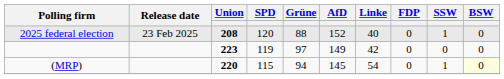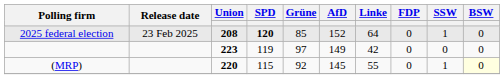 <table class="wikitable sortable mw-datatable" style="text-align:center;font-size:90%;line-height:14px;">
 <tr>
 <th style="width:155px;" rowspan="2">Polling firm</th>
 <th style="width:100px;" rowspan="2">Release date</th>
 <th class="unsortable" style="width:40px;"><a href='#'>Union</a></th>
 <th class="unsortable" style="width:40px;"><a href='#'>SPD</a></th>
 <th class="unsortable" style="width:40px;"><a href='#'>Grüne</a></th>
 <th class="unsortable" style="width:40px;"><a href='#'>AfD</a></th>
 <th class="unsortable" style="width:40px;"><a href='#'>Linke</a></th>
 <th class="unsortable" style="width:40px;"><a href='#'>FDP</a></th>
 <th class="unsortable" style="width:40px;"><a href='#'>SSW</a></th>
 <th class="unsortable" style="width:40px;"><a href='#'>BSW</a></th>
 </tr>
 <tr>
 <th style="background:"></th>
 <th style="background:"></th>
 <th style="background:"></th>
 <th style="background:"></th>
 <th style="background:"></th>
 <th style="background:"></th>
 <th style="background:"></th>
 <th style="background:"></th>
 </tr>
 <tr style="background:#E9E9E9;">
 <td><a href='#'>2025 federal election</a></td>
 <td>23 Feb 2025</td>
 <td><strong>208</strong></td>
-<td>120</td>
-<td>88</td>
+<td><strong>120</strong></td>
+<td>85</td>
 <td>152</td>
-<td>40</td>
+<td>64</td>
 <td>0</td>
 <td>1</td>
 <td>0</td>
 </tr>
 <tr>
 <td></td>
 <td></td>
 <td><strong>223</strong></td>
 <td>119</td>
 <td>97</td>
 <td>149</td>
 <td>42</td>
 <td>0</td>
 <td>0</td>
 <td>0</td>
 </tr>
 <tr>
 <td> (<a href='#'>MRP</a>)</td>
 <td></td>
 <td><strong>220</strong></td>
 <td>115</td>
-<td>94</td>
+<td>92</td>
 <td>145</td>
-<td>54</td>
+<td>55</td>
 <td>0</td>
 <td>1</td>
 <td style="background: lightyellow;">0</td>
 </tr>
 <tr>
 </tr>
 </table>
